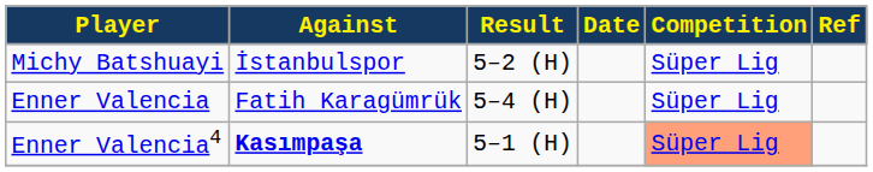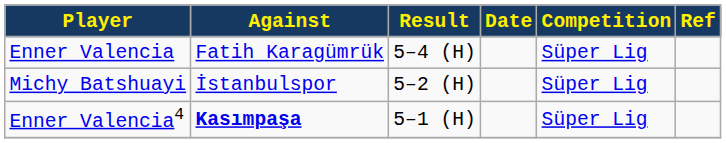 <table class="wikitable">
 <tr>
 <th style="background:#163962; color:#FFF000; ">Player</th>
 <th style="background:#163962; color:#FFF000; ">Against</th>
 <th style="background:#163962; color:#FFF000; text-align:center; ">Result</th>
 <th style="background:#163962; color:#FFF000; ">Date</th>
 <th style="background:#163962; color:#FFF000; text-align:center; ">Competition</th>
 <th style="background:#163962; color:#FFF000; ">Ref</th>
 </tr>
 <tr>
-<td> <a href='#'>Michy Batshuayi</a></td>
-<td><a href='#'>İstanbulspor</a></td>
-<td>5–2 (H)</td>
+<td> <a href='#'>Enner Valencia</a></td>
+<td><a href='#'>Fatih Karagümrük</a></td>
+<td>5–4 (H)</td>
 <td></td>
 <td><a href='#'>Süper Lig</a></td>
 <td></td>
 </tr>
 <tr>
-<td> <a href='#'>Enner Valencia</a></td>
-<td><a href='#'>Fatih Karagümrük</a></td>
-<td>5–4 (H)</td>
+<td> <a href='#'>Michy Batshuayi</a></td>
+<td><a href='#'>İstanbulspor</a></td>
+<td>5–2 (H)</td>
 <td></td>
 <td><a href='#'>Süper Lig</a></td>
 <td></td>
 </tr>
 <tr>
 <td> <a href='#'>Enner Valencia</a><sup>4</sup></td>
 <td><strong><a href='#'>Kasımpaşa</a></strong></td>
 <td>5–1 (H)</td>
 <td></td>
-<td style="background: lightsalmon;"><a href='#'>Süper Lig</a></td>
+<td><a href='#'>Süper Lig</a></td>
 <td></td>
 </tr>
 <tr>
 </tr>
 </table>
